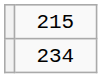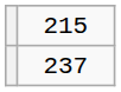 <table class="wikitable">
 <tr>
 <th></th>
 <td style="padding-left: 1em; padding-right: 1em">215</td>
 </tr>
 <tr>
 <th></th>
-<td style="padding-left: 1em; padding-right: 1em">234</td>
+<td style="padding-left: 1em; padding-right: 1em">237</td>
 </tr>
 </table>
